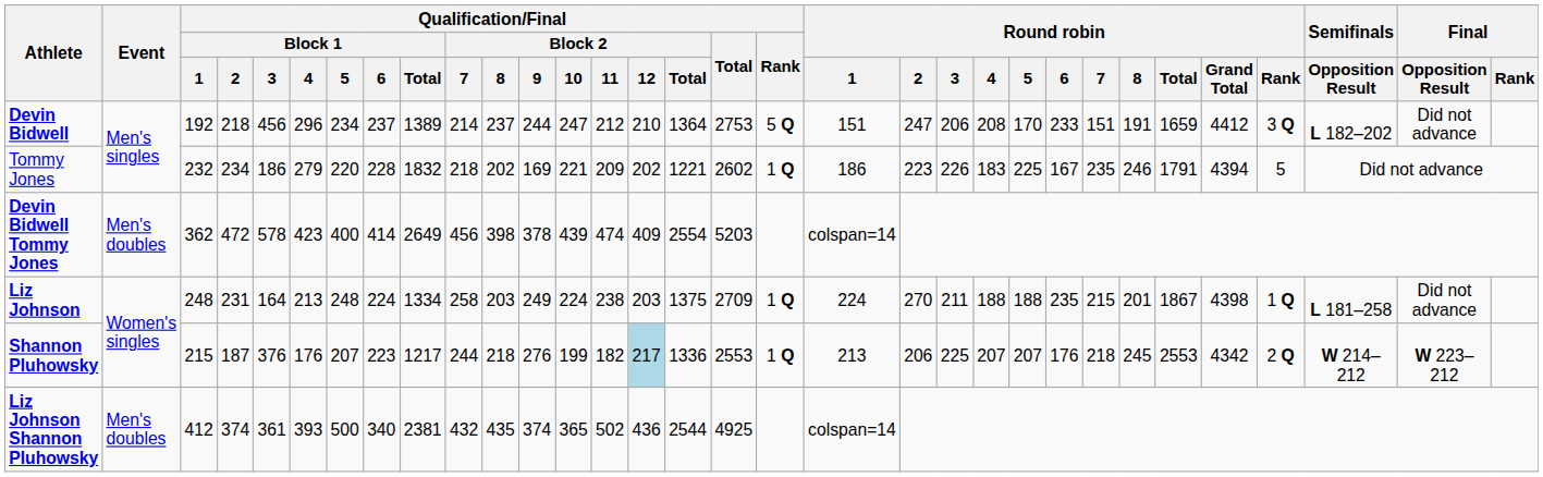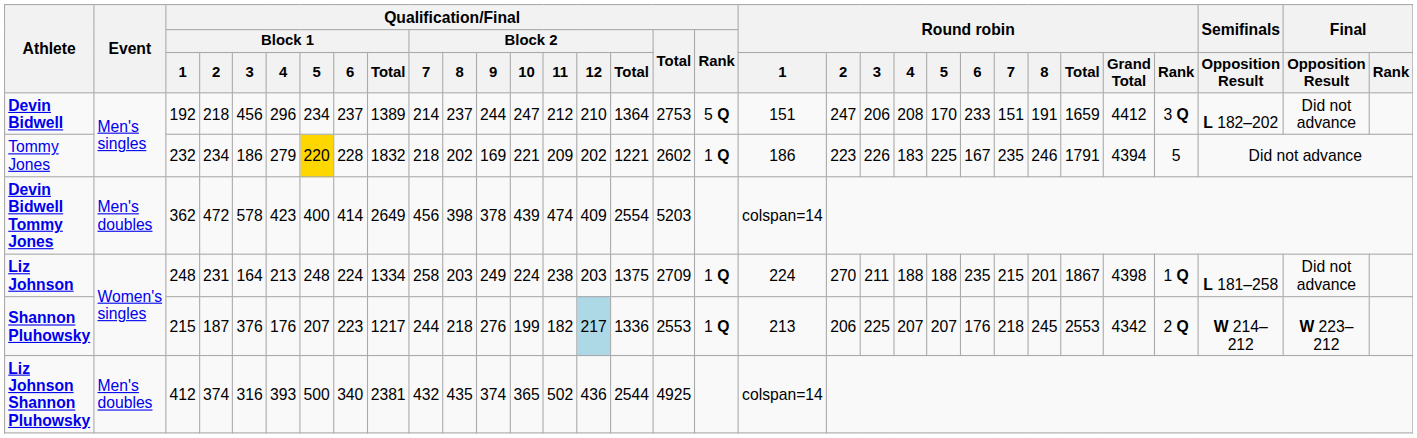 <table class=wikitable style="font-size:90%;">
 <tr>
 <th rowspan=3>Athlete</th>
 <th rowspan=3>Event</th>
 <th colspan=16>Qualification/Final</th>
 <th rowspan=2 colspan=11>Round robin</th>
 <th rowspan=2>Semifinals</th>
 <th rowspan=2 colspan=2>Final</th>
 </tr>
 <tr style="font-size:95%">
 <th colspan=7>Block 1</th>
 <th colspan=7>Block 2</th>
 <th rowspan=2>Total</th>
 <th rowspan=2>Rank</th>
 </tr>
 <tr style="font-size:95%">
 <th>1</th>
 <th>2</th>
 <th>3</th>
 <th>4</th>
 <th>5</th>
 <th>6</th>
 <th>Total</th>
 <th>7</th>
 <th>8</th>
 <th>9</th>
 <th>10</th>
 <th>11</th>
 <th>12</th>
 <th>Total</th>
 <th>1</th>
 <th>2</th>
 <th>3</th>
 <th>4</th>
 <th>5</th>
 <th>6</th>
 <th>7</th>
 <th>8</th>
 <th>Total</th>
 <th>Grand Total</th>
 <th>Rank</th>
 <th>Opposition<br>Result</th>
 <th>Opposition<br>Result</th>
 <th>Rank</th>
 </tr>
 <tr align=center>
 <td align=left><strong><a href='#'>Devin Bidwell</a></strong></td>
 <td align=left rowspan=2><a href='#'>Men's singles</a></td>
 <td>192</td>
 <td>218</td>
 <td>456</td>
 <td>296</td>
 <td>234</td>
 <td>237</td>
 <td>1389</td>
 <td>214</td>
 <td>237</td>
 <td>244</td>
 <td>247</td>
 <td>212</td>
 <td>210</td>
 <td>1364</td>
 <td>2753</td>
 <td>5 <strong>Q</strong></td>
 <td>151</td>
 <td>247</td>
 <td>206</td>
 <td>208</td>
 <td>170</td>
 <td>233</td>
 <td>151</td>
 <td>191</td>
 <td>1659</td>
 <td>4412</td>
 <td>3 <strong>Q</strong></td>
 <td><br><strong>L</strong> 182–202</td>
 <td>Did not advance</td>
 <td></td>
 </tr>
 <tr align=center>
 <td align=left><a href='#'>Tommy Jones</a></td>
 <td>232</td>
 <td>234</td>
 <td>186</td>
 <td>279</td>
-<td>220</td>
+<td style="background: gold;">220</td>
 <td>228</td>
 <td>1832</td>
 <td>218</td>
 <td>202</td>
 <td>169</td>
 <td>221</td>
 <td>209</td>
 <td>202</td>
 <td>1221</td>
 <td>2602</td>
 <td>1 <strong>Q</strong></td>
 <td>186</td>
 <td>223</td>
 <td>226</td>
 <td>183</td>
 <td>225</td>
 <td>167</td>
 <td>235</td>
 <td>246</td>
 <td>1791</td>
 <td>4394</td>
 <td>5</td>
 <td colspan=3>Did not advance</td>
 </tr>
 <tr align=center>
 <td align=left><strong><a href='#'>Devin Bidwell</a><br><a href='#'>Tommy Jones</a></strong></td>
 <td align=left><a href='#'>Men's doubles</a></td>
 <td>362</td>
 <td>472</td>
 <td>578</td>
 <td>423</td>
 <td>400</td>
 <td>414</td>
 <td>2649</td>
 <td>456</td>
 <td>398</td>
 <td>378</td>
 <td>439</td>
 <td>474</td>
 <td>409</td>
 <td>2554</td>
 <td>5203</td>
 <td></td>
 <td>colspan=14 </td>
 </tr>
 <tr align=center>
 <td align=left><strong><a href='#'>Liz Johnson</a></strong></td>
 <td align=left rowspan=2><a href='#'>Women's singles</a></td>
 <td>248</td>
 <td>231</td>
 <td>164</td>
 <td>213</td>
 <td>248</td>
 <td>224</td>
 <td>1334</td>
 <td>258</td>
 <td>203</td>
 <td>249</td>
 <td>224</td>
 <td>238</td>
 <td>203</td>
 <td>1375</td>
 <td>2709</td>
 <td>1 <strong>Q</strong></td>
 <td>224</td>
 <td>270</td>
 <td>211</td>
 <td>188</td>
 <td>188</td>
 <td>235</td>
 <td>215</td>
 <td>201</td>
 <td>1867</td>
 <td>4398</td>
 <td>1 <strong>Q</strong></td>
 <td><br><strong>L</strong> 181–258</td>
 <td>Did not advance</td>
 <td></td>
 </tr>
 <tr align=center>
 <td align=left><strong><a href='#'>Shannon Pluhowsky</a></strong></td>
 <td>215</td>
 <td>187</td>
 <td>376</td>
 <td>176</td>
 <td>207</td>
 <td>223</td>
 <td>1217</td>
 <td>244</td>
 <td>218</td>
 <td>276</td>
 <td>199</td>
 <td>182</td>
 <td style="background: lightblue;">217</td>
 <td>1336</td>
 <td>2553</td>
 <td>1 <strong>Q</strong></td>
 <td>213</td>
 <td>206</td>
 <td>225</td>
 <td>207</td>
 <td>207</td>
 <td>176</td>
 <td>218</td>
 <td>245</td>
 <td>2553</td>
 <td>4342</td>
 <td>2 <strong>Q</strong></td>
 <td><br><strong>W</strong> 214–212</td>
 <td><br><strong>W</strong> 223–212</td>
 <td></td>
 </tr>
 <tr align=center>
 <td align=left><strong><a href='#'>Liz Johnson</a><br><a href='#'>Shannon Pluhowsky</a></strong></td>
 <td align=left><a href='#'>Men's doubles</a></td>
 <td>412</td>
 <td>374</td>
-<td>361</td>
+<td>316</td>
 <td>393</td>
 <td>500</td>
 <td>340</td>
 <td>2381</td>
 <td>432</td>
 <td>435</td>
 <td>374</td>
 <td>365</td>
 <td>502</td>
 <td>436</td>
 <td>2544</td>
 <td>4925</td>
 <td></td>
 <td>colspan=14 </td>
 </tr>
 </table>
